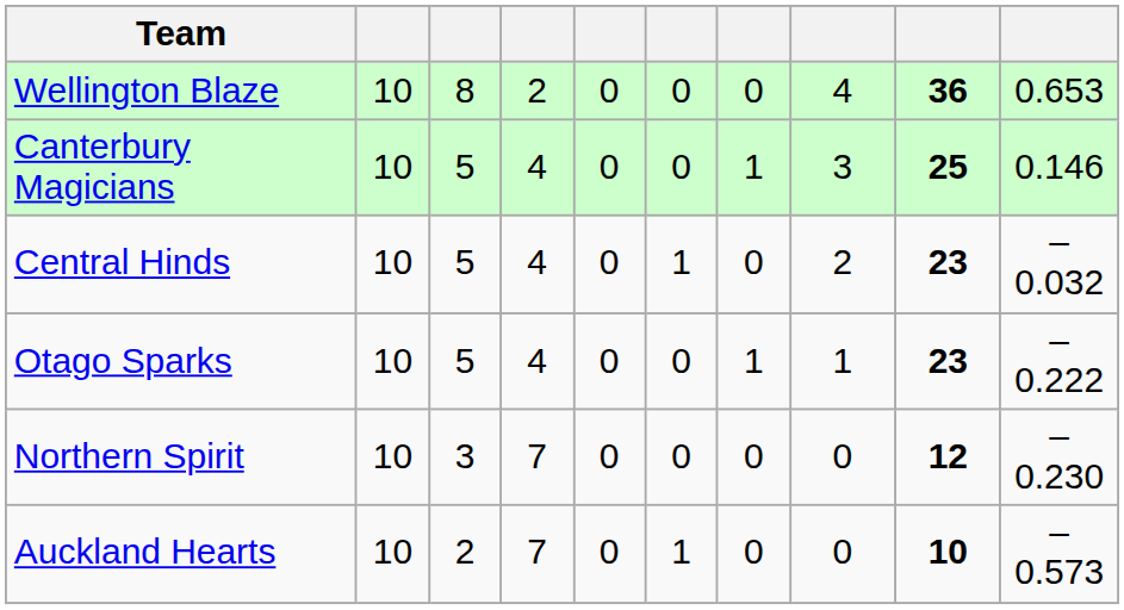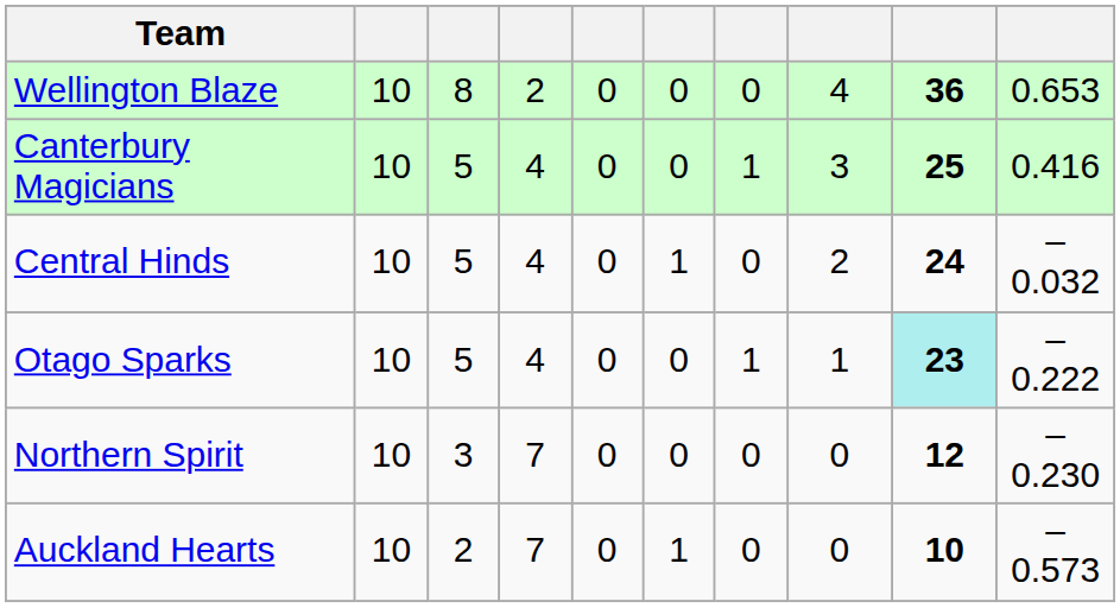 <table class="wikitable" style="text-align:center">
 <tr>
 <th width="150">Team</th>
 <th width="25"></th>
 <th width="25"></th>
 <th width="25"></th>
 <th width="25"></th>
 <th width="25"></th>
 <th width="25"></th>
 <th width="40"></th>
 <th width="40"></th>
 <th width="45"></th>
 </tr>
 <tr style="background:#cfc">
 <td style="text-align:left"><a href='#'>Wellington Blaze</a></td>
 <td>10</td>
 <td>8</td>
 <td>2</td>
 <td>0</td>
 <td>0</td>
 <td>0</td>
 <td>4</td>
 <td><strong>36</strong></td>
 <td>0.653</td>
 </tr>
 <tr style="background:#cfc">
 <td style="text-align:left"><a href='#'>Canterbury Magicians</a></td>
 <td>10</td>
 <td>5</td>
 <td>4</td>
 <td>0</td>
 <td>0</td>
 <td>1</td>
 <td>3</td>
 <td><strong>25</strong></td>
-<td>0.146</td>
+<td>0.416</td>
 </tr>
 <tr>
 <td style="text-align:left"><a href='#'>Central Hinds</a></td>
 <td>10</td>
 <td>5</td>
 <td>4</td>
 <td>0</td>
 <td>1</td>
 <td>0</td>
 <td>2</td>
-<td><strong>23</strong></td>
+<td><strong>24</strong></td>
 <td>–0.032</td>
 </tr>
 <tr>
 <td style="text-align:left"><a href='#'>Otago Sparks</a></td>
 <td>10</td>
 <td>5</td>
 <td>4</td>
 <td>0</td>
 <td>0</td>
 <td>1</td>
 <td>1</td>
-<td><strong>23</strong></td>
+<td style="background: paleturquoise;"><strong>23</strong></td>
 <td>–0.222</td>
 </tr>
 <tr>
 <td style="text-align:left"><a href='#'>Northern Spirit</a></td>
 <td>10</td>
 <td>3</td>
 <td>7</td>
 <td>0</td>
 <td>0</td>
 <td>0</td>
 <td>0</td>
 <td><strong>12</strong></td>
 <td>–0.230</td>
 </tr>
 <tr>
 <td style="text-align:left"><a href='#'>Auckland Hearts</a></td>
 <td>10</td>
 <td>2</td>
 <td>7</td>
 <td>0</td>
 <td>1</td>
 <td>0</td>
 <td>0</td>
 <td><strong>10</strong></td>
 <td>–0.573</td>
 </tr>
 </table>
